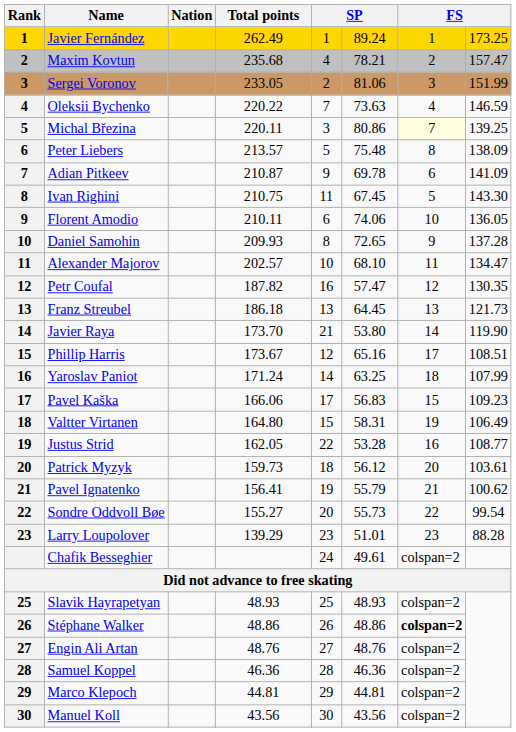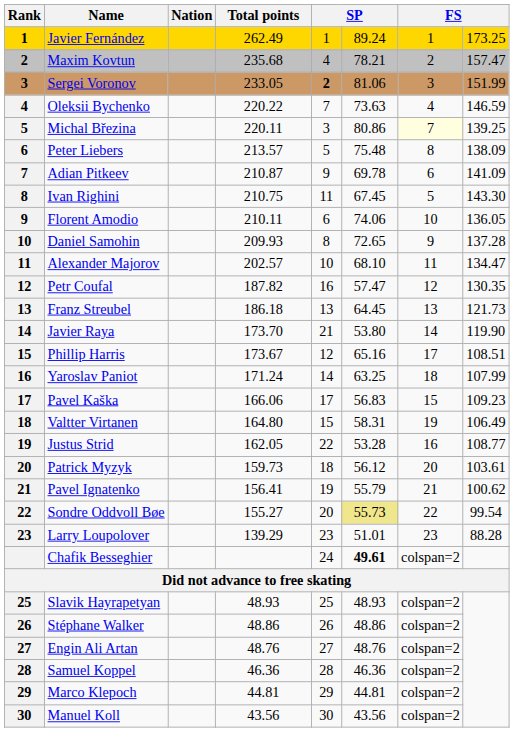 <table class="wikitable sortable">
 <tr>
 <th>Rank</th>
 <th>Name</th>
 <th>Nation</th>
 <th width="100px">Total points</th>
 <th colspan="2" width="90px" align="center"><a href='#'>SP</a></th>
 <th colspan="2" width="90px" align="center"><a href='#'>FS</a></th>
 </tr>
 <tr bgcolor="gold">
 <td align="center" bgcolor="gold"><strong>1</strong></td>
 <td><a href='#'>Javier Fernández</a></td>
 <td></td>
 <td align="center">262.49</td>
 <td align="center">1</td>
 <td align="center">89.24</td>
 <td align="center">1</td>
 <td align="center">173.25</td>
 </tr>
 <tr bgcolor="silver">
 <td align="center" bgcolor="silver"><strong>2</strong></td>
 <td><a href='#'>Maxim Kovtun</a></td>
 <td></td>
 <td align="center">235.68</td>
 <td align="center">4</td>
 <td align="center">78.21</td>
 <td align="center">2</td>
 <td align="center">157.47</td>
 </tr>
 <tr bgcolor="#cc9966">
 <td align="center" bgcolor="#cc9966"><strong>3</strong></td>
 <td><a href='#'>Sergei Voronov</a></td>
 <td></td>
 <td align="center">233.05</td>
-<td align="center">2</td>
+<td align="center"><strong>2</strong></td>
 <td align="center">81.06</td>
 <td align="center">3</td>
 <td align="center">151.99</td>
 </tr>
 <tr>
 <th>4</th>
 <td><a href='#'>Oleksii Bychenko</a></td>
 <td></td>
 <td align="center">220.22</td>
 <td align="center">7</td>
 <td align="center">73.63</td>
 <td align="center">4</td>
 <td align="center">146.59</td>
 </tr>
 <tr>
 <th>5</th>
 <td><a href='#'>Michal Březina</a></td>
 <td></td>
 <td align="center">220.11</td>
 <td align="center">3</td>
 <td align="center">80.86</td>
 <td align="center" style="background: lightyellow;">7</td>
 <td align="center">139.25</td>
 </tr>
 <tr>
 <th>6</th>
 <td><a href='#'>Peter Liebers</a></td>
 <td></td>
 <td align="center">213.57</td>
 <td align="center">5</td>
 <td align="center">75.48</td>
 <td align="center">8</td>
 <td align="center">138.09</td>
 </tr>
 <tr>
 <th>7</th>
 <td><a href='#'>Adian Pitkeev</a></td>
 <td></td>
 <td align="center">210.87</td>
 <td align="center">9</td>
 <td align="center">69.78</td>
 <td align="center">6</td>
 <td align="center">141.09</td>
 </tr>
 <tr>
 <th>8</th>
 <td><a href='#'>Ivan Righini</a></td>
 <td></td>
 <td align="center">210.75</td>
 <td align="center">11</td>
 <td align="center">67.45</td>
 <td align="center">5</td>
 <td align="center">143.30</td>
 </tr>
 <tr>
 <th>9</th>
 <td><a href='#'>Florent Amodio</a></td>
 <td></td>
 <td align="center">210.11</td>
 <td align="center">6</td>
 <td align="center">74.06</td>
 <td align="center">10</td>
 <td align="center">136.05</td>
 </tr>
 <tr>
 <th>10</th>
 <td><a href='#'>Daniel Samohin</a></td>
 <td></td>
 <td align="center">209.93</td>
 <td align="center">8</td>
 <td align="center">72.65</td>
 <td align="center">9</td>
 <td align="center">137.28</td>
 </tr>
 <tr>
 <th>11</th>
 <td><a href='#'>Alexander Majorov</a></td>
 <td></td>
 <td align="center">202.57</td>
 <td align="center">10</td>
 <td align="center">68.10</td>
 <td align="center">11</td>
 <td align="center">134.47</td>
 </tr>
 <tr>
 <th>12</th>
 <td><a href='#'>Petr Coufal</a></td>
 <td></td>
 <td align="center">187.82</td>
 <td align="center">16</td>
 <td align="center">57.47</td>
 <td align="center">12</td>
 <td align="center">130.35</td>
 </tr>
 <tr>
 <th>13</th>
 <td><a href='#'>Franz Streubel</a></td>
 <td></td>
 <td align="center">186.18</td>
 <td align="center">13</td>
 <td align="center">64.45</td>
 <td align="center">13</td>
 <td align="center">121.73</td>
 </tr>
 <tr>
 <th>14</th>
 <td><a href='#'>Javier Raya</a></td>
 <td></td>
 <td align="center">173.70</td>
 <td align="center">21</td>
 <td align="center">53.80</td>
 <td align="center">14</td>
 <td align="center">119.90</td>
 </tr>
 <tr>
 <th>15</th>
 <td><a href='#'>Phillip Harris</a></td>
 <td></td>
 <td align="center">173.67</td>
 <td align="center">12</td>
 <td align="center">65.16</td>
 <td align="center">17</td>
 <td align="center">108.51</td>
 </tr>
 <tr>
 <th>16</th>
 <td><a href='#'>Yaroslav Paniot</a></td>
 <td></td>
 <td align="center">171.24</td>
 <td align="center">14</td>
 <td align="center">63.25</td>
 <td align="center">18</td>
 <td align="center">107.99</td>
 </tr>
 <tr>
 <th>17</th>
 <td><a href='#'>Pavel Kaška</a></td>
 <td></td>
 <td align="center">166.06</td>
 <td align="center">17</td>
 <td align="center">56.83</td>
 <td align="center">15</td>
 <td align="center">109.23</td>
 </tr>
 <tr>
 <th>18</th>
 <td><a href='#'>Valtter Virtanen</a></td>
 <td></td>
 <td align="center">164.80</td>
 <td align="center">15</td>
 <td align="center">58.31</td>
 <td align="center">19</td>
 <td align="center">106.49</td>
 </tr>
 <tr>
 <th>19</th>
 <td><a href='#'>Justus Strid</a></td>
 <td></td>
 <td align="center">162.05</td>
 <td align="center">22</td>
 <td align="center">53.28</td>
 <td align="center">16</td>
 <td align="center">108.77</td>
 </tr>
 <tr>
 <th>20</th>
 <td><a href='#'>Patrick Myzyk</a></td>
 <td></td>
 <td align="center">159.73</td>
 <td align="center">18</td>
 <td align="center">56.12</td>
 <td align="center">20</td>
 <td align="center">103.61</td>
 </tr>
 <tr>
 <th>21</th>
 <td><a href='#'>Pavel Ignatenko</a></td>
 <td></td>
 <td align="center">156.41</td>
 <td align="center">19</td>
 <td align="center">55.79</td>
 <td align="center">21</td>
 <td align="center">100.62</td>
 </tr>
 <tr>
 <th>22</th>
 <td><a href='#'>Sondre Oddvoll Bøe</a></td>
 <td></td>
 <td align="center">155.27</td>
 <td align="center">20</td>
-<td align="center">55.73</td>
+<td align="center" style="background: khaki;">55.73</td>
 <td align="center">22</td>
 <td align="center">99.54</td>
 </tr>
 <tr>
 <th>23</th>
 <td><a href='#'>Larry Loupolover</a></td>
 <td></td>
 <td align="center">139.29</td>
 <td align="center">23</td>
 <td align="center">51.01</td>
 <td align="center">23</td>
 <td align="center">88.28</td>
 </tr>
 <tr>
 <th></th>
 <td><a href='#'>Chafik Besseghier</a></td>
 <td></td>
 <td></td>
 <td align="center">24</td>
-<td align="center">49.61</td>
+<td align="center"><strong>49.61</strong></td>
 <td>colspan=2 </td>
 </tr>
 <tr>
 <th colspan="8">Did not advance to free skating</th>
 </tr>
 <tr>
 <th>25</th>
 <td><a href='#'>Slavik Hayrapetyan</a></td>
 <td></td>
 <td align="center">48.93</td>
 <td align="center">25</td>
 <td align="center">48.93</td>
 <td>colspan=2 </td>
 </tr>
 <tr>
 <th>26</th>
 <td><a href='#'>Stéphane Walker</a></td>
 <td></td>
 <td align="center">48.86</td>
 <td align="center">26</td>
 <td align="center">48.86</td>
-<td><strong>colspan=2 </strong></td>
+<td>colspan=2 </td>
 </tr>
 <tr>
 <th>27</th>
 <td><a href='#'>Engin Ali Artan</a></td>
 <td></td>
 <td align="center">48.76</td>
 <td align="center">27</td>
 <td align="center">48.76</td>
 <td>colspan=2 </td>
 </tr>
 <tr>
 <th>28</th>
 <td><a href='#'>Samuel Koppel</a></td>
 <td></td>
 <td align="center">46.36</td>
 <td align="center">28</td>
 <td align="center">46.36</td>
 <td>colspan=2 </td>
 </tr>
 <tr>
 <th>29</th>
 <td><a href='#'>Marco Klepoch</a></td>
 <td></td>
 <td align="center">44.81</td>
 <td align="center">29</td>
 <td align="center">44.81</td>
 <td>colspan=2 </td>
 </tr>
 <tr>
 <th>30</th>
 <td><a href='#'>Manuel Koll</a></td>
 <td></td>
 <td align="center">43.56</td>
 <td align="center">30</td>
 <td align="center">43.56</td>
 <td>colspan=2 </td>
 </tr>
 </table>
